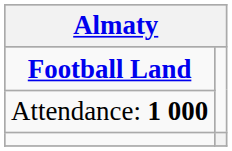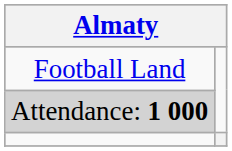 <table class="wikitable" style="text-align:center;">
 <tr>
 <th colspan="4" align="center"><a href='#'>Almaty</a></th>
 </tr>
 <tr>
-<td><strong><a href='#'>Football Land</a></strong></td>
+<td><a href='#'>Football Land</a></td>
 </tr>
 <tr>
-<td>Attendance: <strong>1 000</strong></td>
+<td style="background: lightgrey;">Attendance: <strong>1 000</strong></td>
 </tr>
 <tr>
 <td></td>
 <th rowspan=8 colspan=2></th>
 </tr>
 </table>
